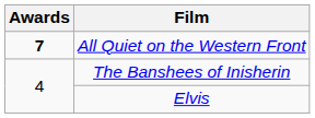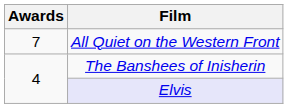 <table class="wikitable" style="text-align:center;">
 <tr>
 <th style="background:">Awards</th>
 <th style="background:">Film</th>
 </tr>
 <tr>
-<td><strong>7</strong></td>
+<td>7</td>
 <td><em><a href='#'>All Quiet on the Western Front</a></em></td>
 </tr>
 <tr>
 <td rowspan="2">4</td>
 <td><em><a href='#'>The Banshees of Inisherin</a></em></td>
 </tr>
 <tr>
-<td><em><a href='#'>Elvis</a></em></td>
+<td style="background: lavender;"><em><a href='#'>Elvis</a></em></td>
 </tr>
 </table>
